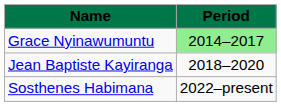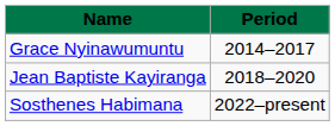 <table class="wikitable">
 <tr>
 <th style="background-color:#007749;"><span>Name</span></th>
 <th style="background-color:#007749;"><span>Period</span></th>
 </tr>
 <tr>
 <td> <a href='#'>Grace Nyinawumuntu</a></td>
-<td align="center" style="background: lightgreen;">2014–2017</td>
+<td align="center">2014–2017</td>
 </tr>
 <tr>
 <td> <a href='#'>Jean Baptiste Kayiranga</a></td>
 <td align="center">2018–2020</td>
 </tr>
 <tr>
 <td> <a href='#'>Sosthenes Habimana</a></td>
 <td align="center">2022–present</td>
 </tr>
 </table>
